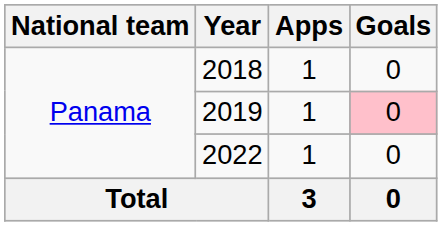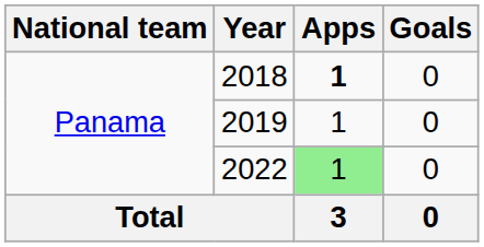 <table class="wikitable" style="text-align:center">
 <tr>
 <th>National team</th>
 <th>Year</th>
 <th>Apps</th>
 <th>Goals</th>
 </tr>
 <tr>
 <td rowspan="3"><a href='#'>Panama</a></td>
 <td>2018</td>
-<td>1</td>
+<td><strong>1</strong></td>
 <td>0</td>
 </tr>
 <tr>
 <td>2019</td>
 <td>1</td>
-<td style="background: pink;">0</td>
+<td>0</td>
 </tr>
 <tr>
 <td>2022</td>
-<td>1</td>
+<td style="background: lightgreen;">1</td>
 <td>0</td>
 </tr>
 <tr>
 <th colspan="2">Total</th>
 <th>3</th>
 <th>0</th>
 </tr>
 </table>
